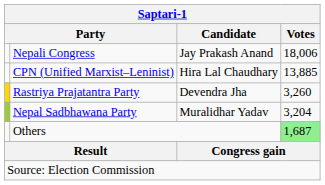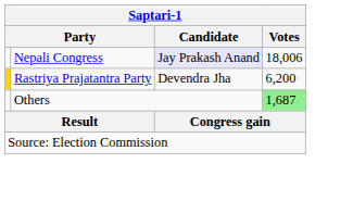 <table class="wikitable">
 <tr>
 <th colspan="4"><a href='#'>Saptari-1</a></th>
 </tr>
 <tr>
 <th colspan="2">Party</th>
 <th>Candidate</th>
 <th>Votes</th>
 </tr>
 <tr>
 <td style="background-color:"></td>
 <td><a href='#'>Nepali Congress</a></td>
-<td>Jay Prakash Anand</td>
+<td style="background: lavender;">Jay Prakash Anand</td>
 <td>18,006</td>
-</tr>
-<tr>
-<td style="background-color:"></td>
-<td><a href='#'>CPN (Unified Marxist–Leninist)</a></td>
-<td>Hira Lal Chaudhary</td>
-<td>13,885</td>
 </tr>
 <tr>
 <td style="background-color:gold"></td>
 <td><a href='#'>Rastriya Prajatantra Party</a></td>
 <td>Devendra Jha</td>
-<td>3,260</td>
-</tr>
-<tr>
-<td style="background-color:yellowgreen"></td>
-<td><a href='#'>Nepal Sadbhawana Party</a></td>
-<td>Muralidhar Yadav</td>
-<td>3,204</td>
+<td>6,200</td>
 </tr>
 <tr>
 <td></td>
 <td colspan="2">Others</td>
 <td style="background: lightgreen;">1,687</td>
 </tr>
 <tr>
 <th colspan="2">Result</th>
 <th colspan="2">Congress gain</th>
 </tr>
 <tr>
 <td colspan="4">Source: Election Commission</td>
 </tr>
 </table>
